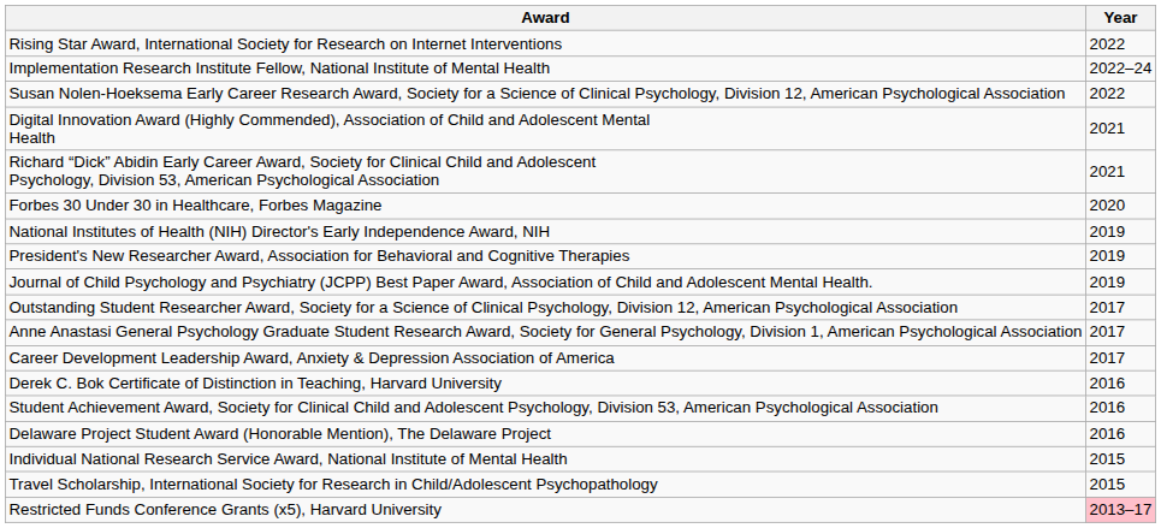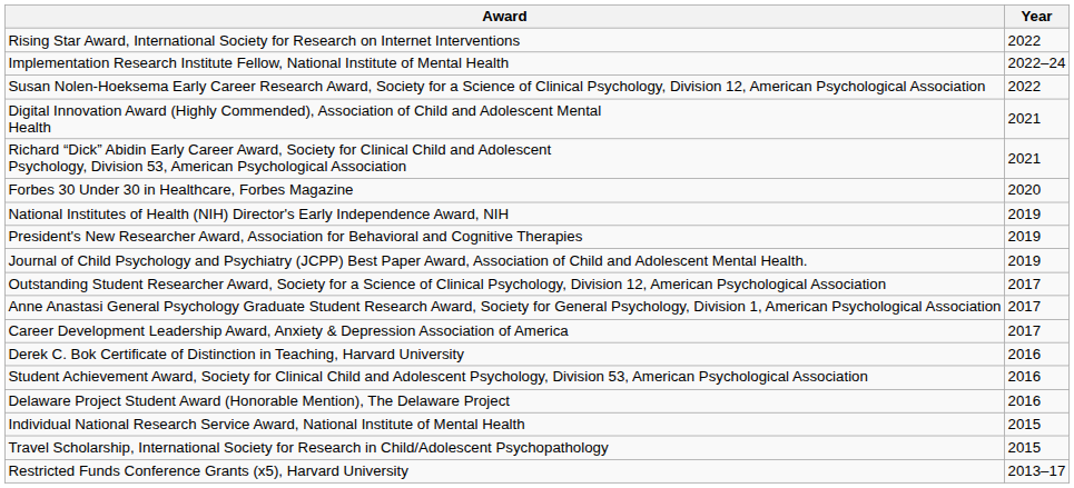 <table class="wikitable">
 <tr>
 <th>Award</th>
 <th>Year</th>
 </tr>
 <tr>
 <td>Rising Star Award, International Society for Research on Internet Interventions</td>
 <td>2022</td>
 </tr>
 <tr>
 <td>Implementation Research Institute Fellow, National Institute of Mental Health</td>
 <td>2022–24</td>
 </tr>
 <tr>
 <td>Susan Nolen-Hoeksema Early Career Research Award, Society for a Science of Clinical Psychology, Division 12, American Psychological Association</td>
 <td>2022</td>
 </tr>
 <tr>
 <td>Digital Innovation Award (Highly Commended), Association of Child and Adolescent Mental<br>Health</td>
 <td>2021</td>
 </tr>
 <tr>
 <td>Richard “Dick” Abidin Early Career Award, Society for Clinical Child and Adolescent<br>Psychology, Division 53, American Psychological Association</td>
 <td>2021</td>
 </tr>
 <tr>
 <td>Forbes 30 Under 30 in Healthcare, Forbes Magazine</td>
 <td>2020</td>
 </tr>
 <tr>
 <td>National Institutes of Health (NIH) Director's Early Independence Award, NIH</td>
 <td>2019</td>
 </tr>
 <tr>
 <td>President's New Researcher Award, Association for Behavioral and Cognitive Therapies</td>
 <td>2019</td>
 </tr>
 <tr>
 <td>Journal of Child Psychology and Psychiatry (JCPP) Best Paper Award, Association of Child and Adolescent Mental Health.</td>
 <td>2019</td>
 </tr>
 <tr>
 <td>Outstanding Student Researcher Award, Society for a Science of Clinical Psychology, Division 12, American Psychological Association</td>
 <td>2017</td>
 </tr>
 <tr>
 <td>Anne Anastasi General Psychology Graduate Student Research Award, Society for General Psychology, Division 1, American Psychological Association</td>
 <td>2017</td>
 </tr>
 <tr>
 <td>Career Development Leadership Award, Anxiety & Depression Association of America</td>
 <td>2017</td>
 </tr>
 <tr>
 <td>Derek C. Bok Certificate of Distinction in Teaching, Harvard University</td>
 <td>2016</td>
 </tr>
 <tr>
 <td>Student Achievement Award, Society for Clinical Child and Adolescent Psychology, Division 53, American Psychological Association</td>
 <td>2016</td>
 </tr>
 <tr>
 <td>Delaware Project Student Award (Honorable Mention), The Delaware Project</td>
 <td>2016</td>
 </tr>
 <tr>
 <td>Individual National Research Service Award, National Institute of Mental Health</td>
 <td>2015</td>
 </tr>
 <tr>
 <td>Travel Scholarship, International Society for Research in Child/Adolescent Psychopathology</td>
 <td>2015</td>
 </tr>
 <tr>
 <td>Restricted Funds Conference Grants (x5), Harvard University</td>
-<td style="background: pink;">2013–17</td>
+<td>2013–17</td>
 </tr>
 </table>
